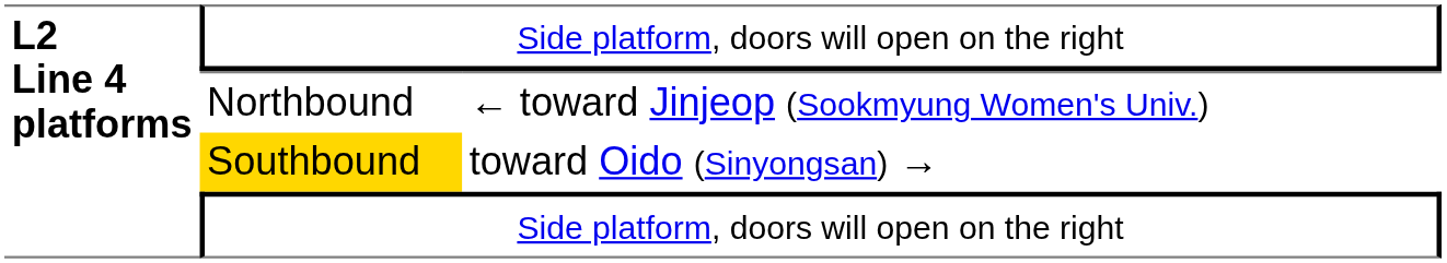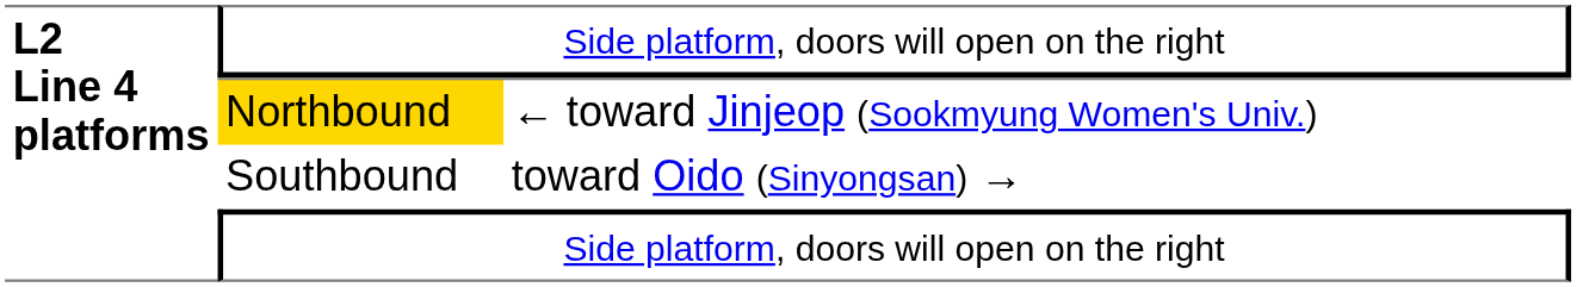 <table table border=0 cellspacing=0 cellpadding=3>
 <tr>
 <td style="border-top:solid 1px gray;border-bottom:solid 1px gray;" width=50 rowspan=10 valign=top><strong>L2<br>Line 4 platforms</strong></td>
 <td style="border-top:solid 1px gray;border-right:solid 2px black;border-left:solid 2px black;border-bottom:solid 2px black;text-align:center;" colspan=2><small><a href='#'>Side platform</a>, doors will open on the right</small></td>
 </tr>
 <tr>
-<td style="border-bottom:solid 0px gray;border-top:solid 1px gray;" width=100>Northbound</td>
+<td style="background: gold; border-bottom:solid 0px gray;border-top:solid 1px gray;" width=100>Northbound</td>
 <td style="border-bottom:solid 0px gray;border-top:solid 1px gray;" width=390>←  toward <a href='#'>Jinjeop</a> <small>(<a href='#'>Sookmyung Women's Univ.</a>)</small></td>
 </tr>
 <tr>
-<td style="background: gold;">Southbound</td>
+<td>Southbound</td>
 <td>  toward <a href='#'>Oido</a> <small>(<a href='#'>Sinyongsan</a>)</small> →</td>
 </tr>
 <tr>
 <td style="border-top:solid 2px black;border-right:solid 2px black;border-left:solid 2px black;border-bottom:solid 1px gray;text-align:center;" colspan=2><small><a href='#'>Side platform</a>, doors will open on the right</small></td>
 </tr>
 </table>
